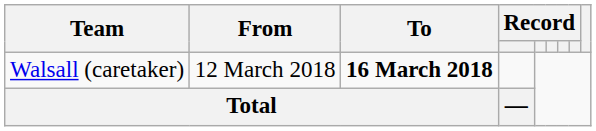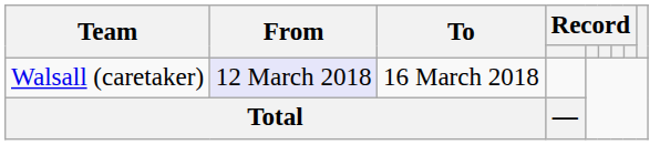 <table class=wikitable style="text-align: center">
 <tr>
 <th rowspan=2>Team</th>
 <th rowspan=2>From</th>
 <th rowspan=2>To</th>
 <th colspan=5>Record</th>
 <th rowspan=2></th>
 </tr>
 <tr>
 <th></th>
 <th></th>
 <th></th>
 <th></th>
 <th></th>
 </tr>
 <tr>
 <td align=left><a href='#'>Walsall</a> (caretaker)</td>
-<td align=left>12 March 2018</td>
-<td align=left><strong>16 March 2018<br></strong></td>
+<td align=left style="background: lavender;">12 March 2018</td>
+<td align=left>16 March 2018<br></td>
 <td></td>
 </tr>
 <tr>
 <th colspan=3>Total<br></th>
 <th>—</th>
 </tr>
 </table>
